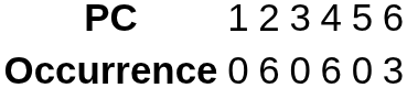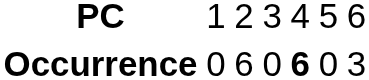 <table>
 <tr>
 <th>PC</th>
 <td>1</td>
 <td>2</td>
 <td>3</td>
 <td>4</td>
 <td>5</td>
 <td>6</td>
 </tr>
 <tr>
 <th>Occurrence</th>
 <td>0</td>
 <td>6</td>
 <td>0</td>
-<td>6</td>
+<td><strong>6</strong></td>
 <td>0</td>
 <td>3</td>
 </tr>
 </table>
